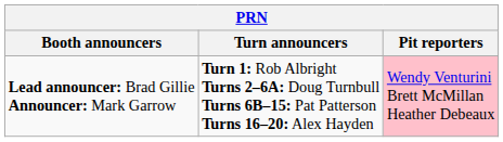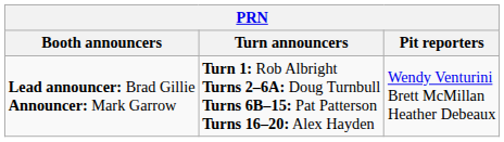 <table class="wikitable" style="font-size: 95%">
 <tr>
 <th colspan="3"><a href='#'>PRN</a></th>
 </tr>
 <tr>
 <th>Booth announcers</th>
 <th>Turn announcers</th>
 <th>Pit reporters</th>
 </tr>
 <tr>
 <td><strong>Lead announcer:</strong> Brad Gillie<br><strong>Announcer:</strong> Mark Garrow</td>
 <td><strong>Turn 1:</strong> Rob Albright<br><strong>Turns 2–6A:</strong> Doug Turnbull<br><strong>Turns 6B–15:</strong> Pat Patterson<br><strong>Turns 16–20:</strong> Alex Hayden</td>
-<td style="background: pink;"><a href='#'>Wendy Venturini</a><br>Brett McMillan<br>Heather Debeaux</td>
+<td><a href='#'>Wendy Venturini</a><br>Brett McMillan<br>Heather Debeaux</td>
 </tr>
 </table>
